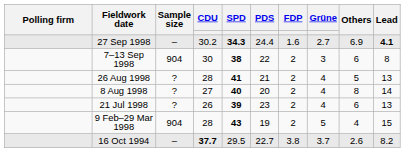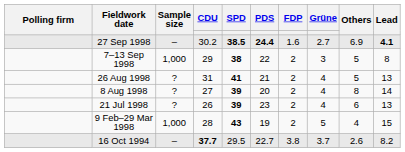 <table class="wikitable sortable" style="text-align:center;font-size:90%;line-height:14px;">
 <tr style="height:40px;">
 <th style="width:160px;" rowspan="2">Polling firm</th>
 <th style="width:100px;" rowspan="2">Fieldwork date</th>
 <th style="width:35px;" rowspan="2">Sample<br>size</th>
 <th class="unsortable" style="width:40px;"><a href='#'>CDU</a></th>
 <th class="unsortable" style="width:40px;"><a href='#'>SPD</a></th>
 <th class="unsortable" style="width:40px;"><a href='#'>PDS</a></th>
 <th class="unsortable" style="width:40px;"><a href='#'>FDP</a></th>
 <th class="unsortable" style="width:40px;"><a href='#'>Grüne</a></th>
 <th class="unsortable" style="width:40px;" rowspan="2">Others</th>
 <th style="width:30px;" rowspan="2">Lead</th>
 </tr>
 <tr>
 <th style="background:"></th>
 <th style="background:"></th>
 <th style="background:"></th>
 <th style="background:"></th>
 <th style="background:"></th>
 </tr>
 <tr style="background:#E9E9E9;">
 <td></td>
 <td data-sort-value="1998-09-27">27 Sep 1998</td>
 <td>–</td>
 <td>30.2</td>
-<td><strong>34.3</strong></td>
-<td>24.4</td>
+<td><strong>38.5</strong></td>
+<td><strong>24.4</strong></td>
 <td>1.6</td>
 <td>2.7</td>
 <td>6.9</td>
 <td style="background:"><strong>4.1</strong></td>
 </tr>
 <tr>
 <td></td>
 <td data-sort-value="1998-09-01">7–13 Sep 1998</td>
-<td>904</td>
-<td>30</td>
+<td>1,000</td>
+<td>29</td>
 <td><strong>38</strong></td>
 <td>22</td>
 <td>2</td>
 <td>3</td>
-<td>6</td>
+<td>5</td>
 <td style="background:">8</td>
 </tr>
 <tr>
 <td></td>
 <td data-sort-value="1998-08-26">26 Aug 1998</td>
 <td>?</td>
-<td>28</td>
+<td>31</td>
 <td><strong>41</strong></td>
 <td>21</td>
 <td>2</td>
 <td>4</td>
 <td>5</td>
 <td style="background:">13</td>
 </tr>
 <tr>
 <td></td>
 <td data-sort-value="1998-08-08">8 Aug 1998</td>
 <td>?</td>
 <td>27</td>
-<td><strong>40</strong></td>
+<td><strong>39</strong></td>
 <td>20</td>
 <td>2</td>
 <td>4</td>
 <td>8</td>
 <td style="background:">14</td>
 </tr>
 <tr>
 <td></td>
 <td data-sort-value="1998-07-21">21 Jul 1998</td>
 <td>?</td>
 <td>26</td>
 <td><strong>39</strong></td>
 <td>23</td>
 <td>2</td>
 <td>4</td>
 <td>6</td>
 <td style="background:">13</td>
 </tr>
 <tr>
 <td></td>
 <td data-sort-value="1998-04-08">9 Feb–29 Mar 1998</td>
-<td>904</td>
+<td>1,000</td>
 <td>28</td>
 <td><strong>43</strong></td>
 <td>19</td>
 <td>2</td>
 <td>5</td>
 <td>4</td>
 <td style="background:">15</td>
 </tr>
 <tr style="background:#E9E9E9;">
 <td></td>
 <td data-sort-value="1994-10-16">16 Oct 1994</td>
 <td>–</td>
 <td><strong>37.7</strong></td>
 <td>29.5</td>
 <td>22.7</td>
 <td>3.8</td>
 <td>3.7</td>
 <td>2.6</td>
 <td style="background:">8.2</td>
 </tr>
 </table>
